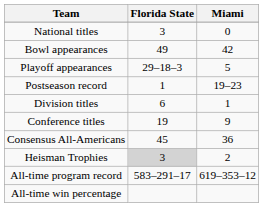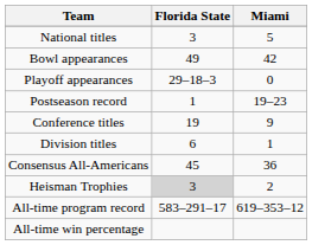 <table class="wikitable" style="text-align:center;">
 <tr>
 <th>Team</th>
 <th>Florida State</th>
 <th>Miami</th>
 </tr>
 <tr>
 </tr>
 <tr>
 <td>National titles</td>
 <td>3</td>
-<td>0</td>
+<td>5</td>
 </tr>
 <tr>
 <td>Bowl appearances</td>
 <td>49</td>
 <td>42</td>
 </tr>
 <tr>
 <td>Playoff appearances</td>
 <td>29–18–3</td>
-<td>5</td>
+<td>0</td>
 </tr>
 <tr>
 <td>Postseason record</td>
 <td>1</td>
 <td>19–23</td>
 </tr>
 <tr>
+<td>Conference titles</td>
+<td>19</td>
+<td>9</td>
+</tr>
+<tr>
 <td>Division titles</td>
 <td>6</td>
 <td>1</td>
-</tr>
-<tr>
-<td>Conference titles</td>
-<td>19</td>
-<td>9</td>
 </tr>
 <tr>
 <td>Consensus All-Americans</td>
 <td>45</td>
 <td>36</td>
 </tr>
 <tr>
 <td>Heisman Trophies</td>
 <td style="background: lightgrey;">3</td>
 <td>2</td>
 </tr>
 <tr>
 <td>All-time program record</td>
 <td>583–291–17</td>
 <td>619–353–12</td>
 </tr>
 <tr>
 <td>All-time win percentage</td>
 <td></td>
 <td></td>
 </tr>
 </table>
